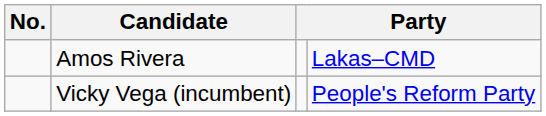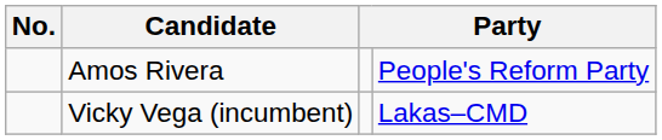 <table class="wikitable sortable" style="text-align:left;">
 <tr>
 <th>No.</th>
 <th>Candidate</th>
 <th colspan="2">Party</th>
 </tr>
 <tr>
 <td></td>
 <td>Amos Rivera</td>
 <td></td>
-<td><a href='#'>Lakas–CMD</a></td>
+<td><a href='#'>People's Reform Party</a></td>
 </tr>
 <tr>
 <td></td>
 <td>Vicky Vega (incumbent)</td>
 <td></td>
-<td><a href='#'>People's Reform Party</a></td>
+<td><a href='#'>Lakas–CMD</a></td>
 </tr>
 </table>
